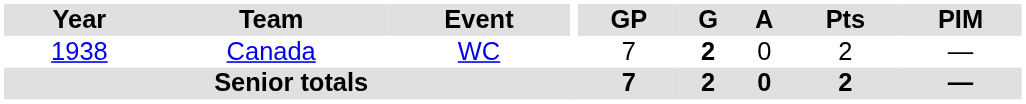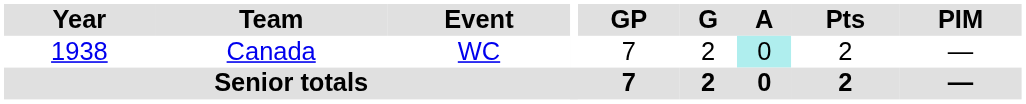 <table border="0" cellpadding="1" cellspacing="0" ID="Table3" style="text-align:center; width:40em">
 <tr bgcolor="#e0e0e0">
 <th>Year</th>
 <th>Team</th>
 <th>Event</th>
 <th rowspan="102" bgcolor="#ffffff"></th>
 <th>GP</th>
 <th>G</th>
 <th>A</th>
 <th>Pts</th>
 <th>PIM</th>
 </tr>
 <tr>
 <td><a href='#'>1938</a></td>
 <td><a href='#'>Canada</a></td>
 <td><a href='#'>WC</a></td>
 <td>7</td>
-<td><strong>2</strong></td>
-<td>0</td>
+<td>2</td>
+<td style="background: paleturquoise;">0</td>
 <td>2</td>
 <td>—</td>
 </tr>
 <tr bgcolor="#e0e0e0">
 <th colspan="4">Senior totals</th>
 <th>7</th>
 <th>2</th>
 <th>0</th>
 <th>2</th>
 <th>—</th>
 </tr>
 </table>
